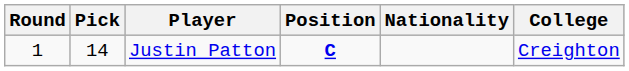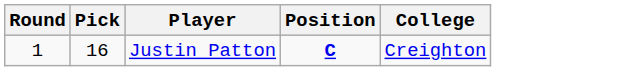 <table class="wikitable sortable sortable">
 <tr>
 <th>Round</th>
 <th>Pick</th>
 <th>Player</th>
 <th>Position</th>
-<th>Nationality</th>
 <th>College</th>
 </tr>
 <tr style="text-align: center">
 <td>1</td>
-<td>14</td>
+<td>16</td>
 <td><a href='#'>Justin Patton</a></td>
 <td><strong><a href='#'>C</a></strong></td>
-<td></td>
 <td><a href='#'>Creighton</a></td>
 </tr>
 </table>
